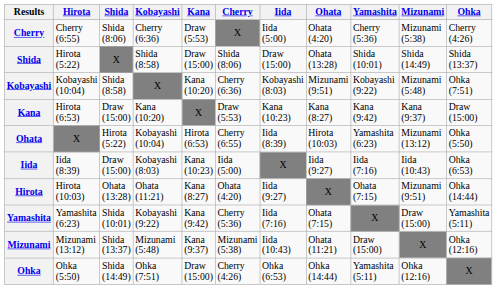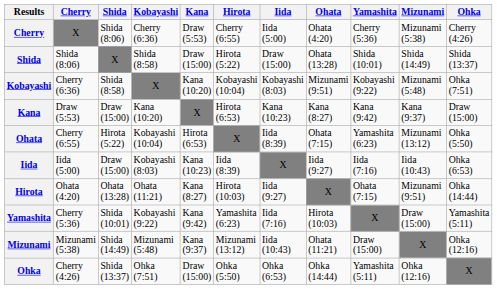 <table class="wikitable" align=center style="margin: 1em auto 1em auto">
 <tr>
 <th>Results</th>
-<th><a href='#'>Hirota</a></th>
+<th><a href='#'>Cherry</a></th>
 <th><a href='#'>Shida</a></th>
 <th><a href='#'>Kobayashi</a></th>
 <th><a href='#'>Kana</a></th>
-<th><a href='#'>Cherry</a></th>
+<th><a href='#'>Hirota</a></th>
 <th><a href='#'>Iida</a></th>
 <th><a href='#'>Ohata</a></th>
 <th><a href='#'>Yamashita</a></th>
 <th><a href='#'>Mizunami</a></th>
 <th><a href='#'>Ohka</a></th>
 </tr>
 <tr>
 <th><a href='#'>Cherry</a></th>
-<td>Cherry<br>(6:55)</td>
+<td bgcolor=grey align="center">X</td>
 <td>Shida<br>(8:06)</td>
 <td>Cherry<br>(6:36)</td>
 <td>Draw<br>(5:53)</td>
-<td bgcolor=grey align="center">X</td>
+<td>Cherry<br>(6:55)</td>
 <td>Iida<br>(5:00)</td>
 <td>Ohata<br>(4:20)</td>
 <td>Cherry<br>(5:36)</td>
 <td>Mizunami<br>(5:38)</td>
 <td>Cherry<br>(4:26)</td>
 </tr>
 <tr>
 <th><a href='#'>Shida</a></th>
-<td>Hirota<br>(5:22)</td>
+<td>Shida<br>(8:06)</td>
 <td bgcolor=grey align="center">X</td>
 <td>Shida<br>(8:58)</td>
 <td>Draw<br>(15:00)</td>
-<td>Shida<br>(8:06)</td>
+<td>Hirota<br>(5:22)</td>
 <td>Draw<br>(15:00)</td>
 <td>Ohata<br>(13:28)</td>
 <td>Shida<br>(10:01)</td>
 <td>Shida<br>(14:49)</td>
 <td>Shida<br>(13:37)</td>
 </tr>
 <tr>
 <th><a href='#'>Kobayashi</a></th>
-<td>Kobayashi<br>(10:04)</td>
+<td>Cherry<br>(6:36)</td>
 <td>Shida<br>(8:58)</td>
 <td bgcolor=grey align="center">X</td>
 <td>Kana<br>(10:20)</td>
-<td>Cherry<br>(6:36)</td>
+<td>Kobayashi<br>(10:04)</td>
 <td>Kobayashi<br>(8:03)</td>
 <td>Mizunami<br>(9:51)</td>
 <td>Kobayashi<br>(9:22)</td>
 <td>Mizunami<br>(5:48)</td>
 <td>Ohka<br>(7:51)</td>
 </tr>
 <tr>
 <th><a href='#'>Kana</a></th>
-<td>Hirota<br>(6:53)</td>
+<td>Draw<br>(5:53)</td>
 <td>Draw<br>(15:00)</td>
 <td>Kana<br>(10:20)</td>
 <td bgcolor=grey align="center">X</td>
-<td>Draw<br>(5:53)</td>
+<td>Hirota<br>(6:53)</td>
 <td>Kana<br>(10:23)</td>
 <td>Kana<br>(8:27)</td>
 <td>Kana<br>(9:42)</td>
 <td>Kana<br>(9:37)</td>
 <td>Draw<br>(15:00)</td>
 </tr>
 <tr>
 <th><a href='#'>Ohata</a></th>
-<td bgcolor=grey align="center">X</td>
+<td>Cherry<br>(6:55)</td>
 <td>Hirota<br>(5:22)</td>
 <td>Kobayashi<br>(10:04)</td>
 <td>Hirota<br>(6:53)</td>
-<td>Cherry<br>(6:55)</td>
+<td bgcolor=grey align="center">X</td>
 <td>Iida<br>(8:39)</td>
-<td>Hirota<br>(10:03)</td>
+<td>Ohata<br>(7:15)</td>
 <td>Yamashita<br>(6:23)</td>
 <td>Mizunami<br>(13:12)</td>
 <td>Ohka<br>(5:50)</td>
 </tr>
 <tr>
 <th><a href='#'>Iida</a></th>
-<td>Iida<br>(8:39)</td>
+<td>Iida<br>(5:00)</td>
 <td>Draw<br>(15:00)</td>
 <td>Kobayashi<br>(8:03)</td>
 <td>Kana<br>(10:23)</td>
-<td>Iida<br>(5:00)</td>
+<td>Iida<br>(8:39)</td>
 <td bgcolor=grey align="center">X</td>
 <td>Iida<br>(9:27)</td>
 <td>Iida<br>(7:16)</td>
 <td>Iida<br>(10:43)</td>
 <td>Ohka<br>(6:53)</td>
 </tr>
 <tr>
 <th><a href='#'>Hirota</a></th>
-<td>Hirota<br>(10:03)</td>
+<td>Ohata<br>(4:20)</td>
 <td>Ohata<br>(13:28)</td>
 <td>Ohata<br>(11:21)</td>
 <td>Kana<br>(8:27)</td>
-<td>Ohata<br>(4:20)</td>
+<td>Hirota<br>(10:03)</td>
 <td>Iida<br>(9:27)</td>
 <td bgcolor=grey align="center">X</td>
 <td>Ohata<br>(7:15)</td>
 <td>Mizunami<br>(9:51)</td>
 <td>Ohka<br>(14:44)</td>
 </tr>
 <tr>
 <th><a href='#'>Yamashita</a></th>
-<td>Yamashita<br>(6:23)</td>
+<td>Cherry<br>(5:36)</td>
 <td>Shida<br>(10:01)</td>
 <td>Kobayashi<br>(9:22)</td>
 <td>Kana<br>(9:42)</td>
-<td>Cherry<br>(5:36)</td>
+<td>Yamashita<br>(6:23)</td>
 <td>Iida<br>(7:16)</td>
-<td>Ohata<br>(7:15)</td>
+<td>Hirota<br>(10:03)</td>
 <td bgcolor=grey align="center">X</td>
 <td>Draw<br>(15:00)</td>
 <td>Yamashita<br>(5:11)</td>
 </tr>
 <tr>
 <th><a href='#'>Mizunami</a></th>
-<td>Mizunami<br>(13:12)</td>
-<td>Shida<br>(13:37)</td>
+<td>Mizunami<br>(5:38)</td>
+<td>Shida<br>(14:49)</td>
 <td>Mizunami<br>(5:48)</td>
 <td>Kana<br>(9:37)</td>
-<td>Mizunami<br>(5:38)</td>
+<td>Mizunami<br>(13:12)</td>
 <td>Iida<br>(10:43)</td>
 <td>Ohata<br>(11:21)</td>
 <td>Draw<br>(15:00)</td>
 <td bgcolor=grey align="center">X</td>
 <td>Ohka<br>(12:16)</td>
 </tr>
 <tr>
 <th><a href='#'>Ohka</a></th>
-<td>Ohka<br>(5:50)</td>
-<td>Shida<br>(14:49)</td>
+<td>Cherry<br>(4:26)</td>
+<td>Shida<br>(13:37)</td>
 <td>Ohka<br>(7:51)</td>
 <td>Draw<br>(15:00)</td>
-<td>Cherry<br>(4:26)</td>
+<td>Ohka<br>(5:50)</td>
 <td>Ohka<br>(6:53)</td>
 <td>Ohka<br>(14:44)</td>
 <td>Yamashita<br>(5:11)</td>
 <td>Ohka<br>(12:16)</td>
 <td bgcolor=grey align="center">X</td>
 </tr>
 </table>
